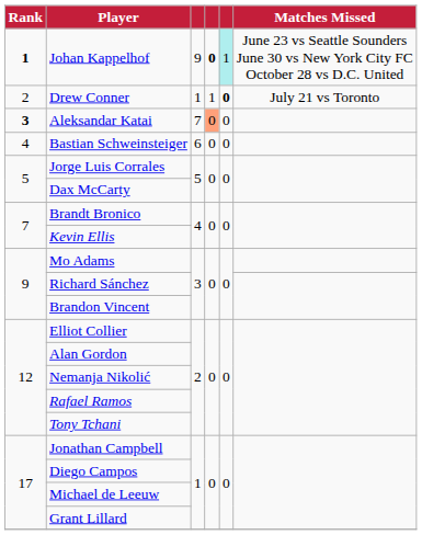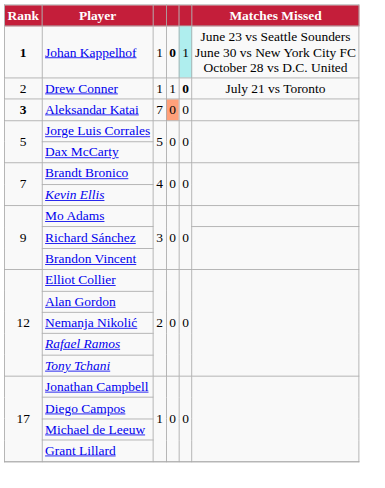 <table class="wikitable" style="text-align:center; display:inline-table;">
 <tr>
 <th style="background:#C41E3A; color:white;">Rank</th>
 <th style="background:#C41E3A; color:white;">Player</th>
 <th style="background:#C41E3A; color:white;"></th>
 <th style="background:#C41E3A; color:white;"></th>
 <th style="background:#C41E3A; color:white;"></th>
 <th style="background:#C41E3A; color:white;">Matches Missed</th>
 </tr>
 <tr>
 <td><strong>1</strong></td>
 <td align="left"> <a href='#'>Johan Kappelhof</a></td>
-<td>9</td>
+<td>1</td>
 <td><strong>0</strong></td>
 <td style="background: paleturquoise;">1</td>
 <td>June 23 vs Seattle Sounders<br>June 30 vs New York City FC<br>October 28 vs D.C. United</td>
 </tr>
 <tr>
 <td>2</td>
 <td align="left"> <a href='#'>Drew Conner</a></td>
 <td>1</td>
 <td>1</td>
 <td><strong>0</strong></td>
 <td>July 21 vs Toronto</td>
 </tr>
 <tr>
 <td><strong>3</strong></td>
 <td align="left"> <a href='#'>Aleksandar Katai</a></td>
 <td>7</td>
 <td style="background: lightsalmon;">0</td>
-<td>0</td>
-<td></td>
-</tr>
-<tr>
-<td>4</td>
-<td align="left"> <a href='#'>Bastian Schweinsteiger</a></td>
-<td>6</td>
-<td>0</td>
 <td>0</td>
 <td></td>
 </tr>
 <tr>
 <td rowspan="2">5</td>
 <td align="left"> <a href='#'>Jorge Luis Corrales</a></td>
 <td rowspan="2">5</td>
 <td rowspan="2">0</td>
 <td rowspan="2">0</td>
 <td rowspan="2"></td>
 </tr>
 <tr>
 <td align="left"> <a href='#'>Dax McCarty</a></td>
 </tr>
 <tr>
 <td rowspan="2">7</td>
 <td align="left"> <a href='#'>Brandt Bronico</a></td>
 <td rowspan="2">4</td>
 <td rowspan="2">0</td>
 <td rowspan="2">0</td>
 <td rowspan="2"></td>
 </tr>
 <tr>
 <td align="left"> <em><a href='#'>Kevin Ellis</a></em></td>
 </tr>
 <tr>
 <td rowspan="3">9</td>
 <td align="left"> <a href='#'>Mo Adams</a></td>
 <td rowspan="3">3</td>
 <td rowspan="3">0</td>
 <td rowspan="3">0</td>
 <td></td>
 </tr>
 <tr>
 <td align="left"> <a href='#'>Richard Sánchez</a></td>
 <td rowspan="2"></td>
 </tr>
 <tr>
 <td align="left"> <a href='#'>Brandon Vincent</a></td>
 </tr>
 <tr>
 <td rowspan="5">12</td>
 <td align="left"> <a href='#'>Elliot Collier</a></td>
 <td rowspan="5">2</td>
 <td rowspan="5">0</td>
 <td rowspan="5">0</td>
 <td rowspan="5"></td>
 </tr>
 <tr>
 <td align="left"> <a href='#'>Alan Gordon</a></td>
 </tr>
 <tr>
 <td align="left"> <a href='#'>Nemanja Nikolić</a></td>
 </tr>
 <tr>
 <td align="left"> <em><a href='#'>Rafael Ramos</a></em></td>
 </tr>
 <tr>
 <td align="left"> <em><a href='#'>Tony Tchani</a></em></td>
 </tr>
 <tr>
 <td rowspan="4">17</td>
 <td align="left"> <a href='#'>Jonathan Campbell</a></td>
 <td rowspan="4">1</td>
 <td rowspan="4">0</td>
 <td rowspan="4">0</td>
 <td rowspan="4"></td>
 </tr>
 <tr>
 <td align="left"> <a href='#'>Diego Campos</a></td>
 </tr>
 <tr>
 <td align="left"> <a href='#'>Michael de Leeuw</a></td>
 </tr>
 <tr>
 <td align="left"> <a href='#'>Grant Lillard</a></td>
 </tr>
 <tr>
 </tr>
 </table>
